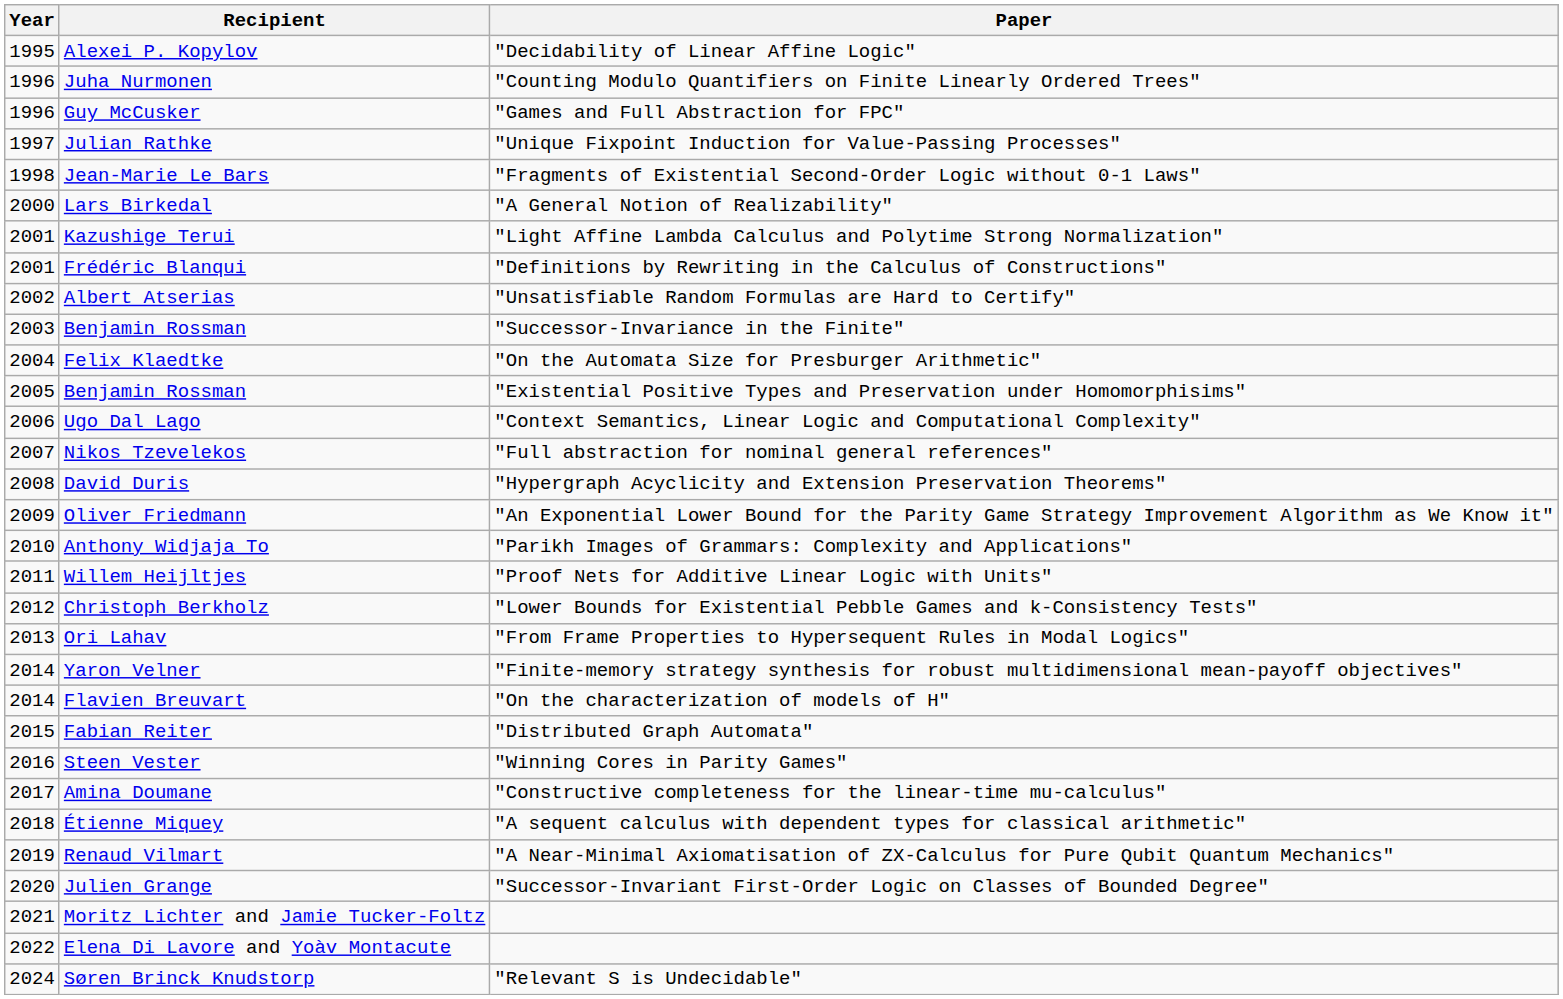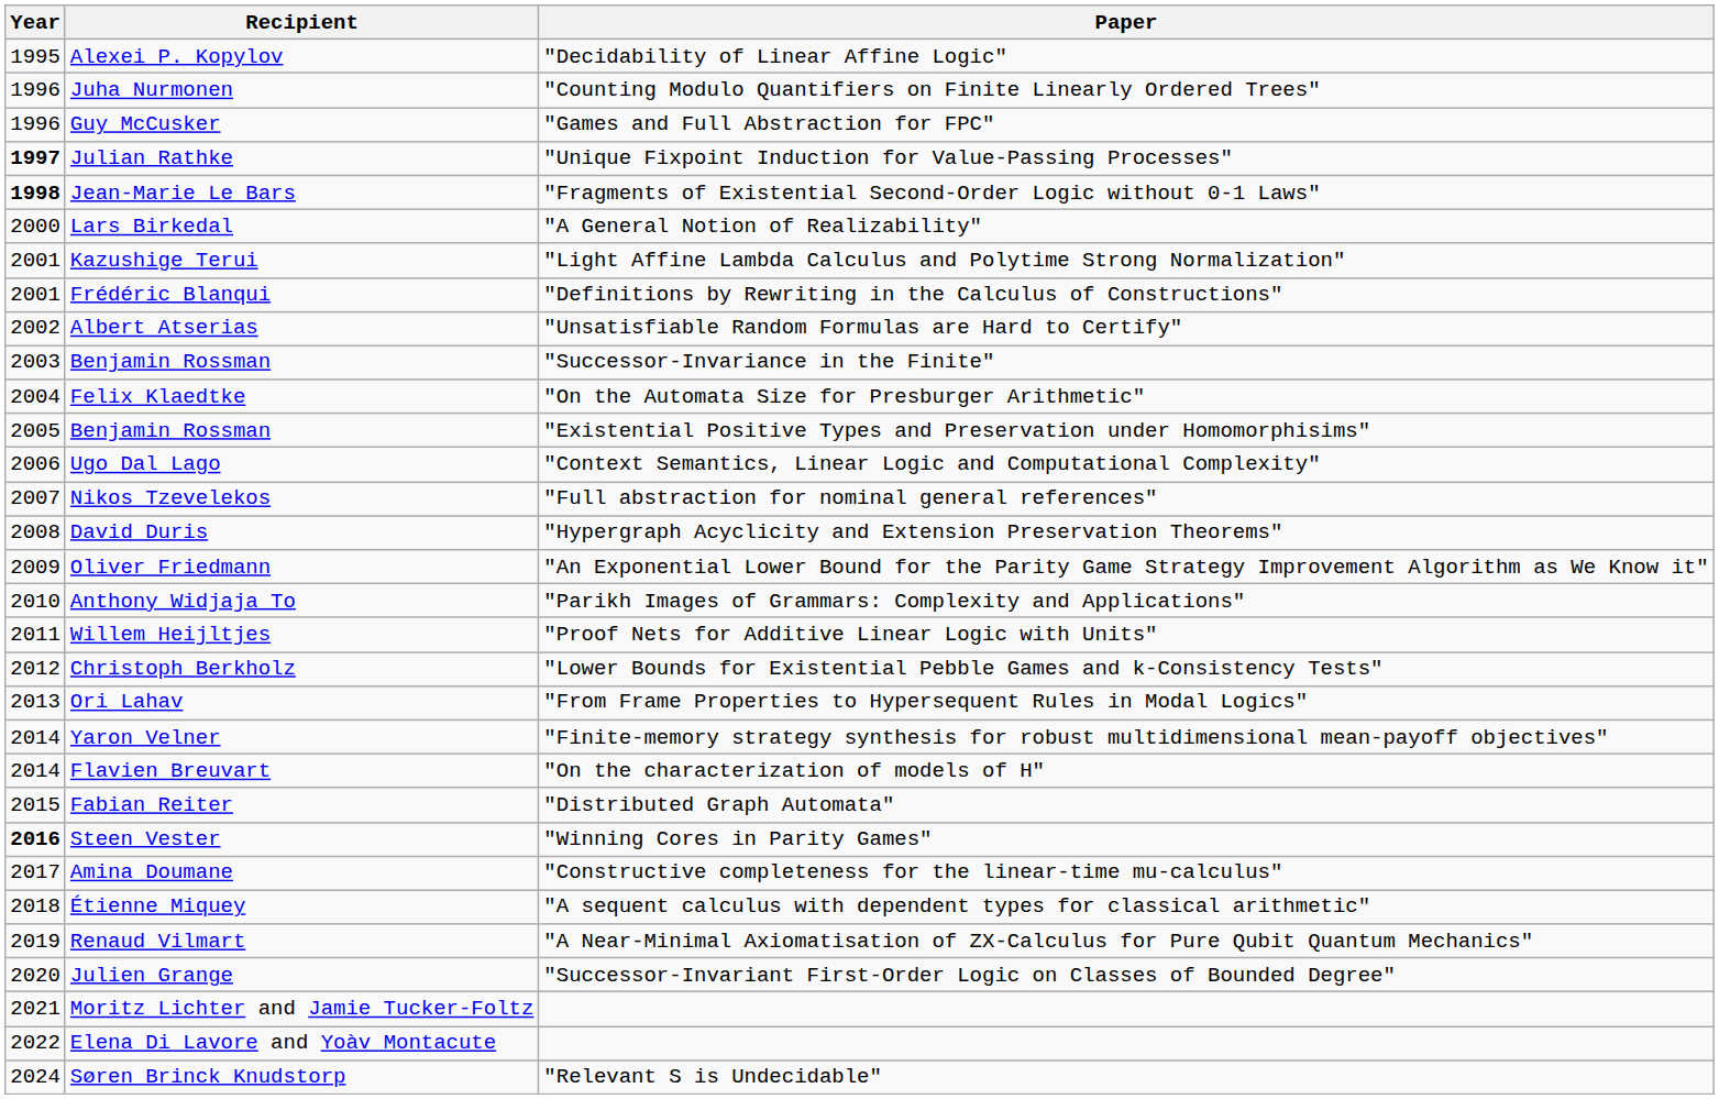 <table class="wikitable">
 <tr>
 <th>Year</th>
 <th>Recipient</th>
 <th>Paper</th>
 </tr>
 <tr>
 <td>1995</td>
 <td><a href='#'>Alexei P. Kopylov</a></td>
 <td>"Decidability of Linear Affine Logic"</td>
 </tr>
 <tr>
 <td>1996</td>
 <td><a href='#'>Juha Nurmonen</a></td>
 <td>"Counting Modulo Quantifiers on Finite Linearly Ordered Trees"</td>
 </tr>
 <tr>
 <td>1996</td>
 <td><a href='#'>Guy McCusker</a></td>
 <td>"Games and Full Abstraction for FPC"</td>
 </tr>
 <tr>
-<td>1997</td>
+<td><strong>1997</strong></td>
 <td><a href='#'>Julian Rathke</a></td>
 <td>"Unique Fixpoint Induction for Value-Passing Processes"</td>
 </tr>
 <tr>
-<td>1998</td>
+<td><strong>1998</strong></td>
 <td><a href='#'>Jean-Marie Le Bars</a></td>
 <td>"Fragments of Existential Second-Order Logic without 0-1 Laws"</td>
 </tr>
 <tr>
 <td>2000</td>
 <td><a href='#'>Lars Birkedal</a></td>
 <td>"A General Notion of Realizability"</td>
 </tr>
 <tr>
 <td>2001</td>
 <td><a href='#'>Kazushige Terui</a></td>
 <td>"Light Affine Lambda Calculus and Polytime Strong Normalization"</td>
 </tr>
 <tr>
 <td>2001</td>
 <td><a href='#'>Frédéric Blanqui</a></td>
 <td>"Definitions by Rewriting in the Calculus of Constructions"</td>
 </tr>
 <tr>
 <td>2002</td>
 <td><a href='#'>Albert Atserias</a></td>
 <td>"Unsatisfiable Random Formulas are Hard to Certify"</td>
 </tr>
 <tr>
 <td>2003</td>
 <td><a href='#'>Benjamin Rossman</a></td>
 <td>"Successor-Invariance in the Finite"</td>
 </tr>
 <tr>
 <td>2004</td>
 <td><a href='#'>Felix Klaedtke</a></td>
 <td>"On the Automata Size for Presburger Arithmetic"</td>
 </tr>
 <tr>
 <td>2005</td>
 <td><a href='#'>Benjamin Rossman</a></td>
 <td>"Existential Positive Types and Preservation under Homomorphisims"</td>
 </tr>
 <tr>
 <td>2006</td>
 <td><a href='#'>Ugo Dal Lago</a></td>
 <td>"Context Semantics, Linear Logic and Computational Complexity"</td>
 </tr>
 <tr>
 <td>2007</td>
 <td><a href='#'>Nikos Tzevelekos</a></td>
 <td>"Full abstraction for nominal general references"</td>
 </tr>
 <tr>
 <td>2008</td>
 <td><a href='#'>David Duris</a></td>
 <td>"Hypergraph Acyclicity and Extension Preservation Theorems"</td>
 </tr>
 <tr>
 <td>2009</td>
 <td><a href='#'>Oliver Friedmann</a></td>
 <td>"An Exponential Lower Bound for the Parity Game Strategy Improvement Algorithm as We Know it"</td>
 </tr>
 <tr>
 <td>2010</td>
 <td><a href='#'>Anthony Widjaja To</a></td>
 <td>"Parikh Images of Grammars: Complexity and Applications"</td>
 </tr>
 <tr>
 <td>2011</td>
 <td><a href='#'>Willem Heijltjes</a></td>
 <td>"Proof Nets for Additive Linear Logic with Units"</td>
 </tr>
 <tr>
 <td>2012</td>
 <td><a href='#'>Christoph Berkholz</a></td>
 <td>"Lower Bounds for Existential Pebble Games and k-Consistency Tests"</td>
 </tr>
 <tr>
 <td>2013</td>
 <td><a href='#'>Ori Lahav</a></td>
 <td>"From Frame Properties to Hypersequent Rules in Modal Logics"</td>
 </tr>
 <tr>
 <td>2014</td>
 <td><a href='#'>Yaron Velner</a></td>
 <td>"Finite-memory strategy synthesis for robust multidimensional mean-payoff objectives"</td>
 </tr>
 <tr>
 <td>2014</td>
 <td><a href='#'>Flavien Breuvart</a></td>
 <td>"On the characterization of models of H"</td>
 </tr>
 <tr>
 <td>2015</td>
 <td><a href='#'>Fabian Reiter</a></td>
 <td>"Distributed Graph Automata"</td>
 </tr>
 <tr>
-<td>2016</td>
+<td><strong>2016</strong></td>
 <td><a href='#'>Steen Vester</a></td>
 <td>"Winning Cores in Parity Games"</td>
 </tr>
 <tr>
 <td>2017</td>
 <td><a href='#'>Amina Doumane</a></td>
 <td>"Constructive completeness for the linear-time mu-calculus"</td>
 </tr>
 <tr>
 <td>2018</td>
 <td><a href='#'>Étienne Miquey</a></td>
 <td>"A sequent calculus with dependent types for classical arithmetic"</td>
 </tr>
 <tr>
 <td>2019</td>
 <td><a href='#'>Renaud Vilmart</a></td>
 <td>"A Near-Minimal Axiomatisation of ZX-Calculus for Pure Qubit Quantum Mechanics"</td>
 </tr>
 <tr>
 <td>2020</td>
 <td><a href='#'>Julien Grange</a></td>
 <td>"Successor-Invariant First-Order Logic on Classes of Bounded Degree"</td>
 </tr>
 <tr>
 <td>2021</td>
 <td><a href='#'>Moritz Lichter</a> and <a href='#'>Jamie Tucker-Foltz</a></td>
 <td></td>
 </tr>
 <tr>
 <td>2022</td>
 <td><a href='#'>Elena Di Lavore</a> and <a href='#'>Yoàv Montacute</a></td>
 </tr>
 <tr>
 <td>2024</td>
 <td><a href='#'>Søren Brinck Knudstorp</a></td>
 <td>"Relevant S is Undecidable"</td>
 </tr>
 </table>
